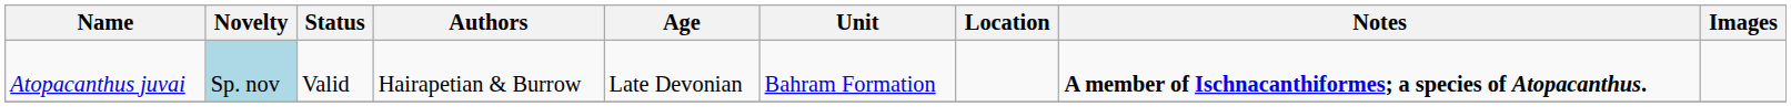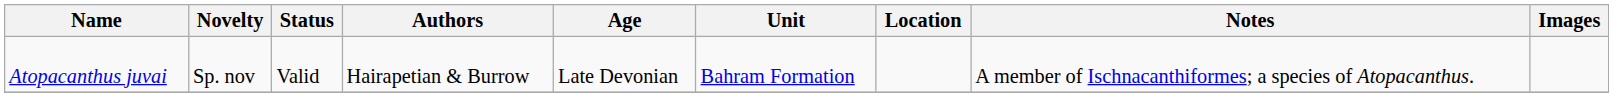 <table class="wikitable sortable" align="center" width="100%">
 <tr>
 <th>Name</th>
 <th>Novelty</th>
 <th>Status</th>
 <th>Authors</th>
 <th>Age</th>
 <th>Unit</th>
 <th>Location</th>
 <th>Notes</th>
 <th>Images</th>
 </tr>
 <tr>
 <td><br><em><a href='#'>Atopacanthus juvai</a></em></td>
-<td style="background: lightblue;"><br>Sp. nov</td>
+<td><br>Sp. nov</td>
 <td><br>Valid</td>
 <td><br>Hairapetian & Burrow</td>
 <td><br>Late Devonian</td>
 <td><br><a href='#'>Bahram Formation</a></td>
 <td><br></td>
-<td><strong><br>A member of <a href='#'>Ischnacanthiformes</a>; a species of <em>Atopacanthus</em>.</strong></td>
+<td><br>A member of <a href='#'>Ischnacanthiformes</a>; a species of <em>Atopacanthus</em>.</td>
 <td></td>
 </tr>
 <tr>
 </tr>
 </table>
